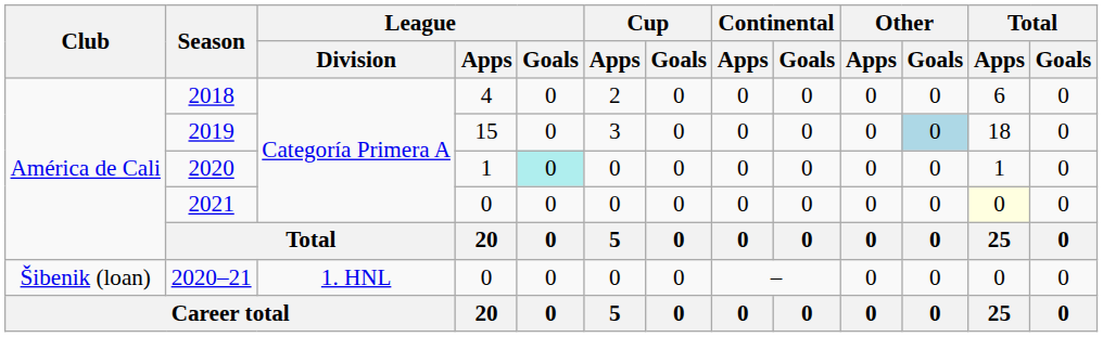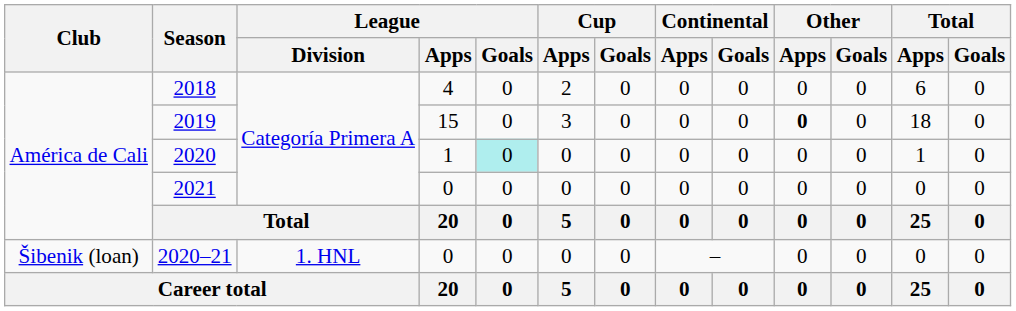 <table class="wikitable" style="text-align: center">
 <tr>
 <th rowspan="2">Club</th>
 <th rowspan="2">Season</th>
 <th colspan="3">League</th>
 <th colspan="2">Cup</th>
 <th colspan="2">Continental</th>
 <th colspan="2">Other</th>
 <th colspan="2">Total</th>
 </tr>
 <tr>
 <th>Division</th>
 <th>Apps</th>
 <th>Goals</th>
 <th>Apps</th>
 <th>Goals</th>
 <th>Apps</th>
 <th>Goals</th>
 <th>Apps</th>
 <th>Goals</th>
 <th>Apps</th>
 <th>Goals</th>
 </tr>
 <tr>
 <td rowspan="5"><a href='#'>América de Cali</a></td>
 <td><a href='#'>2018</a></td>
 <td rowspan="4"><a href='#'>Categoría Primera A</a></td>
 <td>4</td>
 <td>0</td>
 <td>2</td>
 <td>0</td>
 <td>0</td>
 <td>0</td>
 <td>0</td>
 <td>0</td>
 <td>6</td>
 <td>0</td>
 </tr>
 <tr>
 <td><a href='#'>2019</a></td>
 <td>15</td>
 <td>0</td>
 <td>3</td>
 <td>0</td>
 <td>0</td>
 <td>0</td>
+<td><strong>0</strong></td>
 <td>0</td>
-<td style="background: lightblue;">0</td>
 <td>18</td>
 <td>0</td>
 </tr>
 <tr>
 <td><a href='#'>2020</a></td>
 <td>1</td>
 <td style="background: paleturquoise;">0</td>
 <td>0</td>
 <td>0</td>
 <td>0</td>
 <td>0</td>
 <td>0</td>
 <td>0</td>
 <td>1</td>
 <td>0</td>
 </tr>
 <tr>
 <td><a href='#'>2021</a></td>
 <td>0</td>
 <td>0</td>
 <td>0</td>
 <td>0</td>
 <td>0</td>
 <td>0</td>
 <td>0</td>
 <td>0</td>
-<td style="background: lightyellow;">0</td>
+<td>0</td>
 <td>0</td>
 </tr>
 <tr>
 <th colspan="2"><strong>Total</strong></th>
 <th>20</th>
 <th>0</th>
 <th>5</th>
 <th>0</th>
 <th>0</th>
 <th>0</th>
 <th>0</th>
 <th>0</th>
 <th>25</th>
 <th>0</th>
 </tr>
 <tr>
 <td><a href='#'>Šibenik</a> (loan)</td>
 <td><a href='#'>2020–21</a></td>
 <td><a href='#'>1. HNL</a></td>
 <td>0</td>
 <td>0</td>
 <td>0</td>
 <td>0</td>
 <td colspan="2">–</td>
 <td>0</td>
 <td>0</td>
 <td>0</td>
 <td>0</td>
 </tr>
 <tr>
 <th colspan="3"><strong>Career total</strong></th>
 <th>20</th>
 <th>0</th>
 <th>5</th>
 <th>0</th>
 <th>0</th>
 <th>0</th>
 <th>0</th>
 <th>0</th>
 <th>25</th>
 <th>0</th>
 </tr>
 </table>
